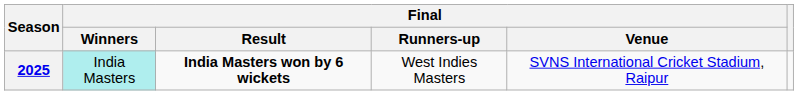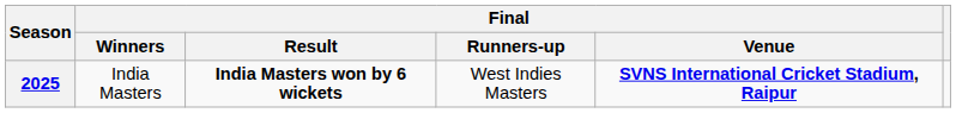 <table class="wikitable" style="text-align:center;">
 <tr>
 <th rowspan="2">Season</th>
 <th colspan="4">Final</th>
 <th rowspan="2"></th>
 </tr>
 <tr>
 <th>Winners</th>
 <th>Result</th>
 <th>Runners-up</th>
 <th>Venue</th>
 </tr>
 <tr>
 <th><a href='#'>2025</a></th>
-<td style="background: paleturquoise;">India Masters<br></td>
+<td>India Masters<br></td>
 <td><strong>India Masters won by 6 wickets</strong><br><small></small></td>
 <td>West Indies Masters<br><small></small></td>
-<td><a href='#'>SVNS International Cricket Stadium</a>, <a href='#'>Raipur</a></td>
+<td><strong><a href='#'>SVNS International Cricket Stadium</a>, <a href='#'>Raipur</a></strong></td>
 <td></td>
 </tr>
 </table>
